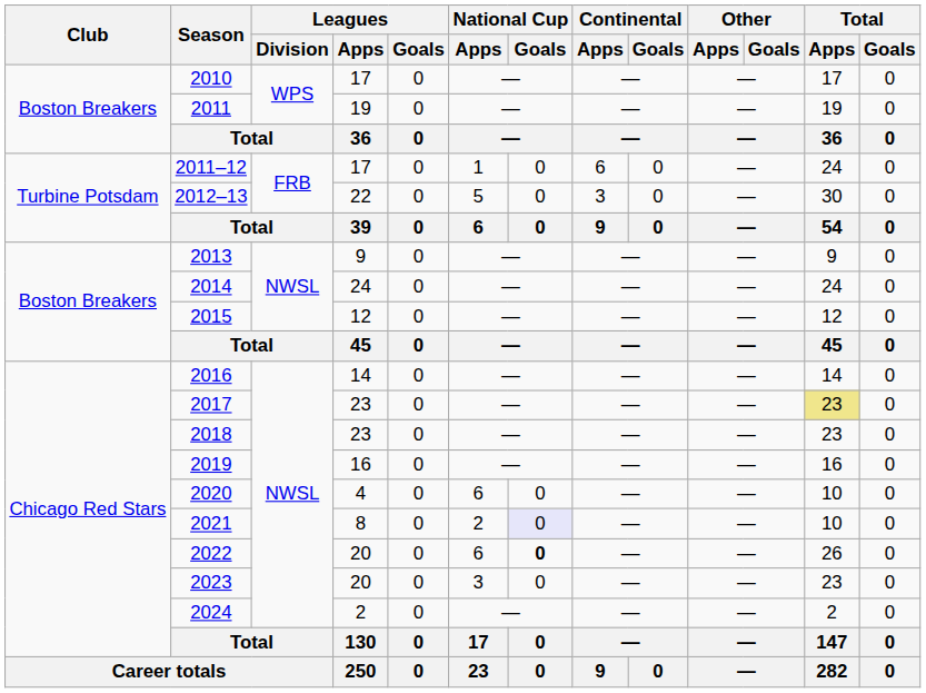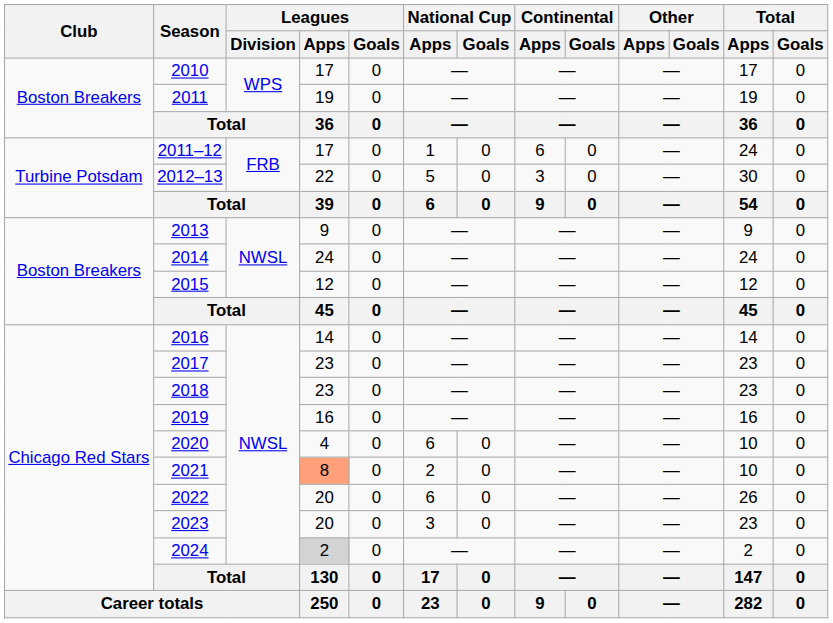 <table class="wikitable" style="text-align: center">
 <tr>
 <th rowspan="2">Club</th>
 <th rowspan="2">Season</th>
 <th colspan="3">Leagues</th>
 <th colspan="2">National Cup</th>
 <th colspan="2">Continental</th>
 <th colspan="2">Other</th>
 <th colspan="2">Total</th>
 </tr>
 <tr>
 <th>Division</th>
 <th>Apps</th>
 <th>Goals</th>
 <th>Apps</th>
 <th>Goals</th>
 <th>Apps</th>
 <th>Goals</th>
 <th>Apps</th>
 <th>Goals</th>
 <th>Apps</th>
 <th>Goals</th>
 </tr>
 <tr>
 <td rowspan="3"><a href='#'>Boston Breakers</a></td>
 <td><a href='#'>2010</a></td>
 <td rowspan="2"><a href='#'>WPS</a></td>
 <td>17</td>
 <td>0</td>
 <td colspan="2">—</td>
 <td colspan="2">—</td>
 <td colspan="2">—</td>
 <td>17</td>
 <td>0</td>
 </tr>
 <tr>
 <td><a href='#'>2011</a></td>
 <td>19</td>
 <td>0</td>
 <td colspan="2">—</td>
 <td colspan="2">—</td>
 <td colspan="2">—</td>
 <td>19</td>
 <td>0</td>
 </tr>
 <tr>
 <th colspan="2">Total</th>
 <th>36</th>
 <th>0</th>
 <th colspan="2">—</th>
 <th colspan="2">—</th>
 <th colspan="2">—</th>
 <th>36</th>
 <th>0</th>
 </tr>
 <tr>
 <td rowspan="3"><a href='#'>Turbine Potsdam</a></td>
 <td><a href='#'>2011–12</a></td>
 <td rowspan="2"><a href='#'>FRB</a></td>
 <td>17</td>
 <td>0</td>
 <td>1</td>
 <td>0</td>
 <td>6</td>
 <td>0</td>
 <td colspan="2">—</td>
 <td>24</td>
 <td>0</td>
 </tr>
 <tr>
 <td><a href='#'>2012–13</a></td>
 <td>22</td>
 <td>0</td>
 <td>5</td>
 <td>0</td>
 <td>3</td>
 <td>0</td>
 <td colspan="2">—</td>
 <td>30</td>
 <td>0</td>
 </tr>
 <tr>
 <th colspan="2">Total</th>
 <th>39</th>
 <th>0</th>
 <th>6</th>
 <th>0</th>
 <th>9</th>
 <th>0</th>
 <th colspan="2">—</th>
 <th>54</th>
 <th>0</th>
 </tr>
 <tr>
 <td rowspan="4"><a href='#'>Boston Breakers</a></td>
 <td><a href='#'>2013</a></td>
 <td rowspan="3"><a href='#'>NWSL</a></td>
 <td>9</td>
 <td>0</td>
 <td colspan="2">—</td>
 <td colspan="2">—</td>
 <td colspan="2">—</td>
 <td>9</td>
 <td>0</td>
 </tr>
 <tr>
 <td><a href='#'>2014</a></td>
 <td>24</td>
 <td>0</td>
 <td colspan="2">—</td>
 <td colspan="2">—</td>
 <td colspan="2">—</td>
 <td>24</td>
 <td>0</td>
 </tr>
 <tr>
 <td><a href='#'>2015</a></td>
 <td>12</td>
 <td>0</td>
 <td colspan="2">—</td>
 <td colspan="2">—</td>
 <td colspan="2">—</td>
 <td>12</td>
 <td>0</td>
 </tr>
 <tr>
 <th colspan="2">Total</th>
 <th>45</th>
 <th>0</th>
 <th colspan="2">—</th>
 <th colspan="2">—</th>
 <th colspan="2">—</th>
 <th>45</th>
 <th>0</th>
 </tr>
 <tr>
 <td rowspan="10"><a href='#'>Chicago Red Stars</a></td>
 <td><a href='#'>2016</a></td>
 <td rowspan="9"><a href='#'>NWSL</a></td>
 <td>14</td>
 <td>0</td>
 <td colspan="2">—</td>
 <td colspan="2">—</td>
 <td colspan="2">—</td>
 <td>14</td>
 <td>0</td>
 </tr>
 <tr>
 <td><a href='#'>2017</a></td>
 <td>23</td>
 <td>0</td>
 <td colspan="2">—</td>
 <td colspan="2">—</td>
 <td colspan="2">—</td>
-<td style="background: khaki;">23</td>
+<td>23</td>
 <td>0</td>
 </tr>
 <tr>
 <td><a href='#'>2018</a></td>
 <td>23</td>
 <td>0</td>
 <td colspan="2">—</td>
 <td colspan="2">—</td>
 <td colspan="2">—</td>
 <td>23</td>
 <td>0</td>
 </tr>
 <tr>
 <td><a href='#'>2019</a></td>
 <td>16</td>
 <td>0</td>
 <td colspan="2">—</td>
 <td colspan="2">—</td>
 <td colspan="2">—</td>
 <td>16</td>
 <td>0</td>
 </tr>
 <tr>
 <td><a href='#'>2020</a></td>
 <td>4</td>
 <td>0</td>
 <td>6</td>
 <td>0</td>
 <td colspan="2">—</td>
 <td colspan="2">—</td>
 <td>10</td>
 <td>0</td>
 </tr>
 <tr>
 <td><a href='#'>2021</a></td>
-<td>8</td>
+<td style="background: lightsalmon;">8</td>
 <td>0</td>
 <td>2</td>
-<td style="background: lavender;">0</td>
+<td>0</td>
 <td colspan="2">—</td>
 <td colspan="2">—</td>
 <td>10</td>
 <td>0</td>
 </tr>
 <tr>
 <td><a href='#'>2022</a></td>
 <td>20</td>
 <td>0</td>
 <td>6</td>
-<td><strong>0</strong></td>
+<td>0</td>
 <td colspan="2">—</td>
 <td colspan="2">—</td>
 <td>26</td>
 <td>0</td>
 </tr>
 <tr>
 <td><a href='#'>2023</a></td>
 <td>20</td>
 <td>0</td>
 <td>3</td>
 <td>0</td>
 <td colspan="2">—</td>
 <td colspan="2">—</td>
 <td>23</td>
 <td>0</td>
 </tr>
 <tr>
 <td><a href='#'>2024</a></td>
-<td>2</td>
+<td style="background: lightgrey;">2</td>
 <td>0</td>
 <td colspan="2">—</td>
 <td colspan="2">—</td>
 <td colspan="2">—</td>
 <td>2</td>
 <td>0</td>
 </tr>
 <tr>
 <th colspan="2">Total</th>
 <th>130</th>
 <th>0</th>
 <th>17</th>
 <th>0</th>
 <th colspan="2">—</th>
 <th colspan="2">—</th>
 <th>147</th>
 <th>0</th>
 </tr>
 <tr>
 <th colspan="3">Career totals</th>
 <th>250</th>
 <th>0</th>
 <th>23</th>
 <th>0</th>
 <th>9</th>
 <th>0</th>
 <th colspan="2">—</th>
 <th>282</th>
 <th>0</th>
 </tr>
 </table>
